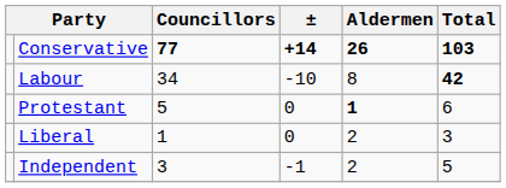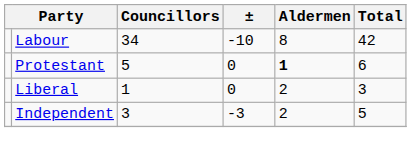 <table class="wikitable">
 <tr>
 <th colspan="2">Party</th>
 <th>Councillors</th>
 <th>  ±  </th>
 <th>Aldermen</th>
 <th>Total</th>
 </tr>
 <tr>
 <td style="background-color: "></td>
-<td><a href='#'>Conservative</a></td>
-<td><strong>77</strong></td>
-<td><strong>+14</strong></td>
-<td><strong>26</strong></td>
-<td><strong>103</strong></td>
-</tr>
-<tr>
-<td style="background-color: "></td>
 <td><a href='#'>Labour</a></td>
 <td>34</td>
 <td>-10</td>
 <td>8</td>
-<td><strong>42</strong></td>
+<td>42</td>
 </tr>
 <tr>
 <td style="background-color: "></td>
 <td><a href='#'>Protestant</a></td>
 <td>5</td>
 <td>0</td>
 <td><strong>1</strong></td>
 <td>6</td>
 </tr>
 <tr>
 <td style="background-color: "></td>
 <td><a href='#'>Liberal</a></td>
 <td>1</td>
 <td>0</td>
 <td>2</td>
 <td>3</td>
 </tr>
 <tr>
 <td style="background-color: "></td>
 <td><a href='#'>Independent</a></td>
 <td>3</td>
-<td>-1</td>
+<td>-3</td>
 <td>2</td>
 <td>5</td>
 </tr>
 <tr>
 </tr>
 </table>
